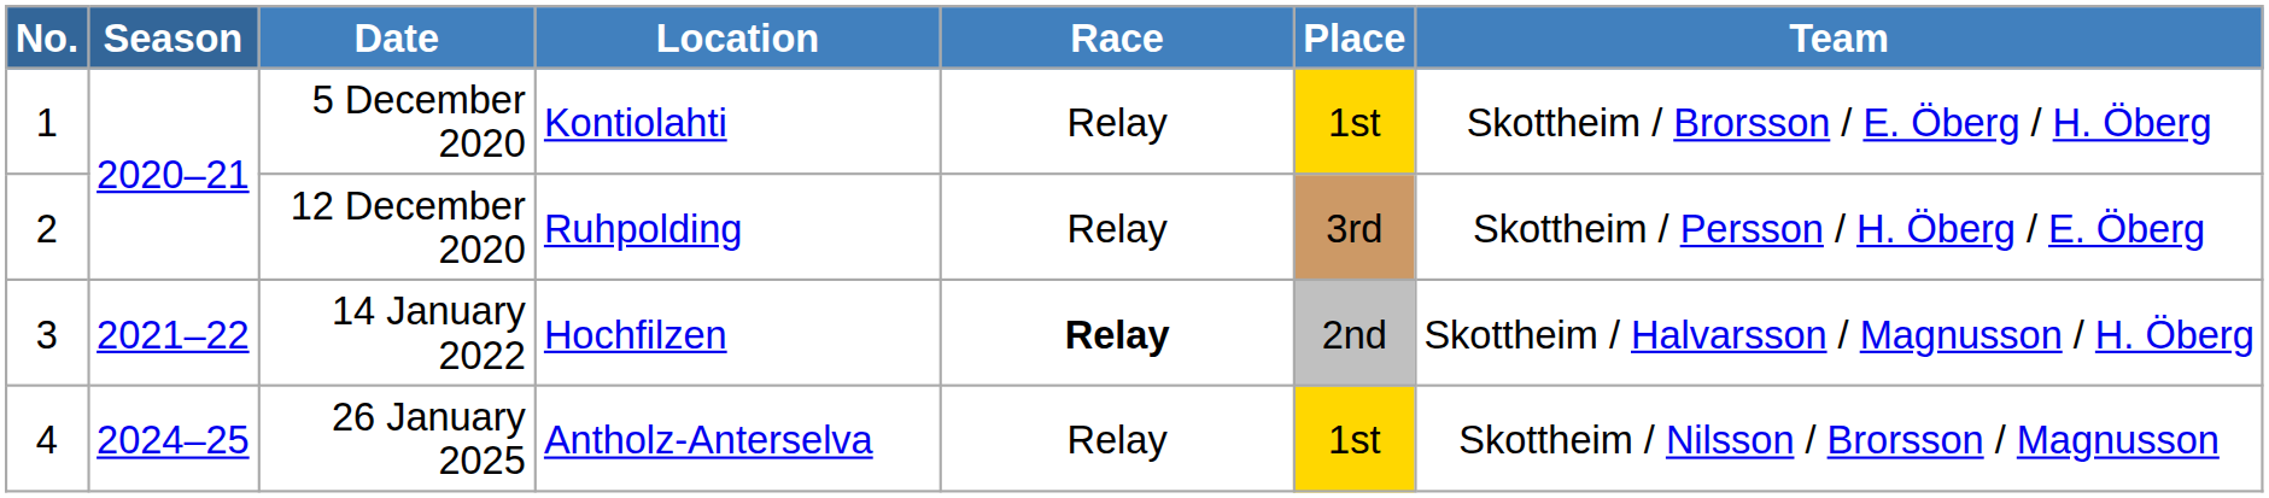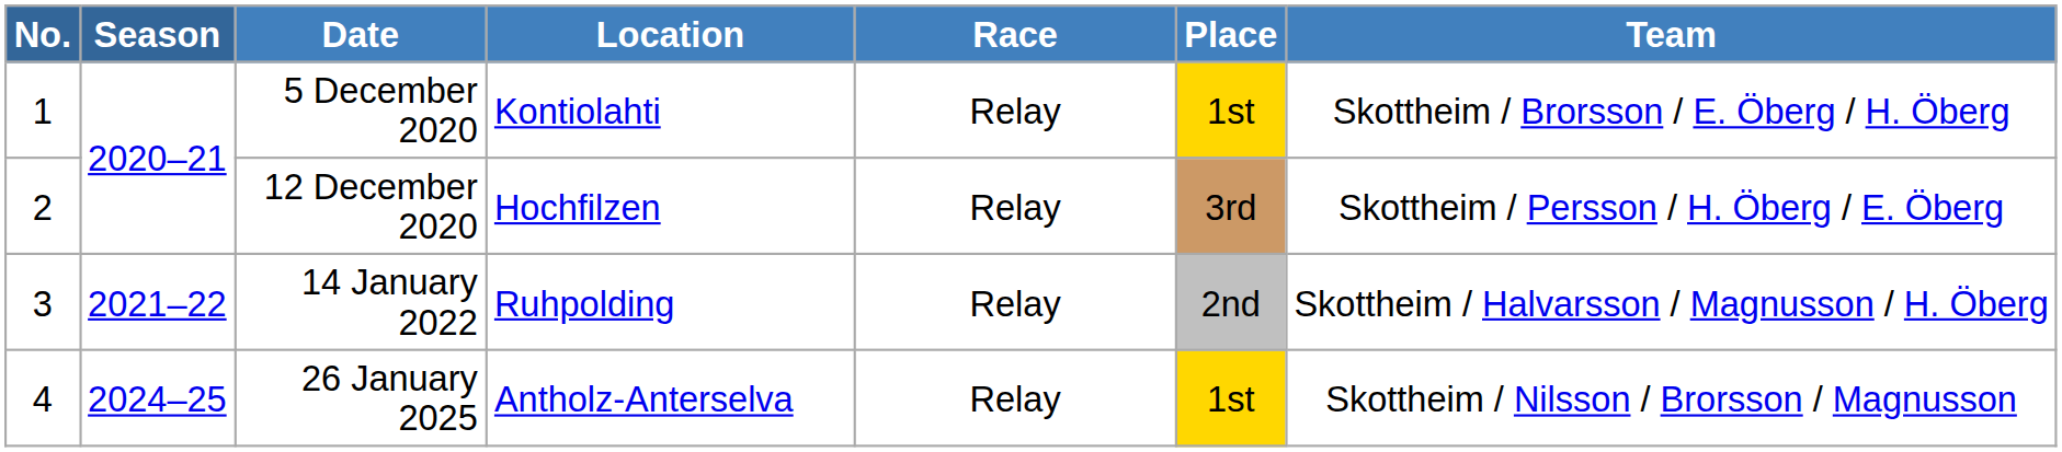 <table class="wikitable sortable" style="font-size:95%; text-align:center; border:grey solid 1px; border-collapse:collapse; background:#ffffff;">
 <tr style="background:#efefef;">
 <th style="background-color:#369; color:white;">No.</th>
 <th style="background-color:#369; color:white;">Season</th>
 <th style="background-color:#4180be; color:white; width:100px;">Date</th>
 <th style="background-color:#4180be; color:white; width:150px;">Location</th>
 <th style="background-color:#4180be; color:white; width:130px;">Race</th>
 <th style="background-color:#4180be; color:white;">Place</th>
 <th style="background-color:#4180be; color:white;">Team</th>
 </tr>
 <tr>
 <td align=center>1</td>
 <td rowspan=2 align=center><a href='#'>2020–21</a></td>
 <td align=right>5 December 2020</td>
 <td align=left> <a href='#'>Kontiolahti</a></td>
 <td>Relay</td>
 <td bgcolor="gold">1st</td>
 <td>Skottheim / <a href='#'>Brorsson</a> / <a href='#'>E. Öberg</a> / <a href='#'>H. Öberg</a></td>
 </tr>
 <tr>
 <td align=center>2</td>
 <td align=right>12 December 2020</td>
-<td align=left> <a href='#'>Ruhpolding</a></td>
+<td align=left> <a href='#'>Hochfilzen</a></td>
 <td>Relay</td>
 <td bgcolor="cc9966">3rd</td>
 <td>Skottheim / <a href='#'>Persson</a> / <a href='#'>H. Öberg</a> / <a href='#'>E. Öberg</a></td>
 </tr>
 <tr>
 <td align=center>3</td>
 <td rowspan=1 align=center><a href='#'>2021–22</a></td>
 <td align=right>14 January 2022</td>
-<td align=left> <a href='#'>Hochfilzen</a></td>
-<td><strong>Relay</strong></td>
+<td align=left> <a href='#'>Ruhpolding</a></td>
+<td>Relay</td>
 <td bgcolor="silver">2nd</td>
 <td>Skottheim / <a href='#'>Halvarsson</a> / <a href='#'>Magnusson</a> / <a href='#'>H. Öberg</a></td>
 </tr>
 <tr>
 <td align=center>4</td>
 <td rowspan=1 align=center><a href='#'>2024–25</a></td>
 <td align=right>26 January 2025</td>
 <td align=left> <a href='#'>Antholz-Anterselva</a></td>
 <td>Relay</td>
 <td bgcolor="gold">1st</td>
 <td>Skottheim / <a href='#'>Nilsson</a> / <a href='#'>Brorsson</a> / <a href='#'>Magnusson</a></td>
 </tr>
 </table>
